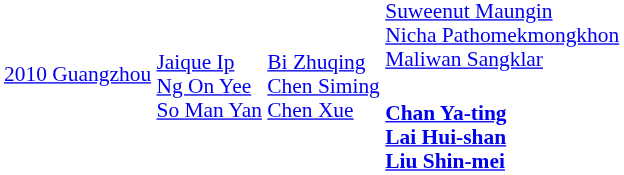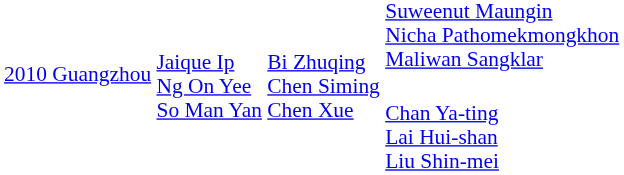 <table>
 <tr>
 <td rowspan=2><a href='#'>2010 Guangzhou</a></td>
 <td rowspan=2><br><a href='#'>Jaique Ip</a><br><a href='#'>Ng On Yee</a><br><a href='#'>So Man Yan</a></td>
 <td rowspan=2><br><a href='#'>Bi Zhuqing</a><br><a href='#'>Chen Siming</a><br><a href='#'>Chen Xue</a></td>
 <td><br><a href='#'>Suweenut Maungin</a><br><a href='#'>Nicha Pathomekmongkhon</a><br><a href='#'>Maliwan Sangklar</a></td>
 </tr>
 <tr>
-<td><strong><br><a href='#'>Chan Ya-ting</a><br><a href='#'>Lai Hui-shan</a><br><a href='#'>Liu Shin-mei</a></strong></td>
+<td><br><a href='#'>Chan Ya-ting</a><br><a href='#'>Lai Hui-shan</a><br><a href='#'>Liu Shin-mei</a></td>
 </tr>
 </table>
